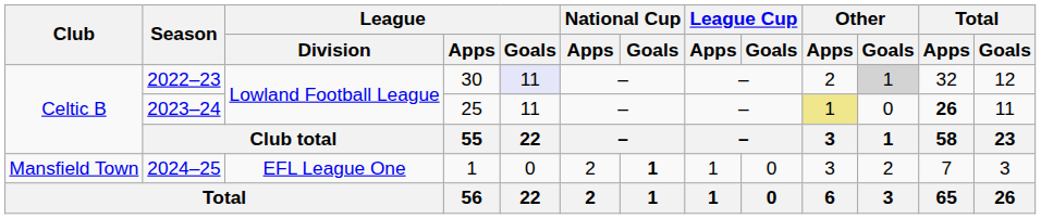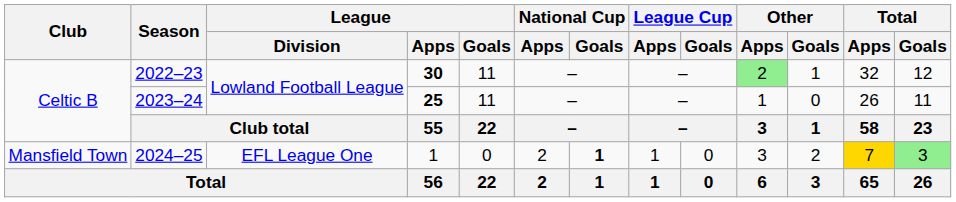 <table class="wikitable" style="text-align:center">
 <tr>
 <th rowspan="2">Club</th>
 <th rowspan="2">Season</th>
 <th colspan="3">League</th>
 <th colspan="2">National Cup</th>
 <th colspan="2"><a href='#'>League Cup</a></th>
 <th colspan="2">Other</th>
 <th colspan="2">Total</th>
 </tr>
 <tr>
 <th>Division</th>
 <th>Apps</th>
 <th>Goals</th>
 <th>Apps</th>
 <th>Goals</th>
 <th>Apps</th>
 <th>Goals</th>
 <th>Apps</th>
 <th>Goals</th>
 <th>Apps</th>
 <th>Goals</th>
 </tr>
 <tr>
 <td rowspan="3"><a href='#'>Celtic B</a></td>
 <td><a href='#'>2022–23</a></td>
 <td rowspan="2"><a href='#'>Lowland Football League</a></td>
-<td>30</td>
-<td style="background: lavender;">11</td>
+<td><strong>30</strong></td>
+<td>11</td>
 <td colspan="2">–</td>
 <td colspan="2">–</td>
-<td>2</td>
-<td style="background: lightgrey;">1</td>
+<td style="background: lightgreen;">2</td>
+<td>1</td>
 <td>32</td>
 <td>12</td>
 </tr>
 <tr>
 <td><a href='#'>2023–24</a></td>
-<td>25</td>
+<td><strong>25</strong></td>
 <td>11</td>
 <td colspan="2">–</td>
 <td colspan="2">–</td>
-<td style="background: khaki;">1</td>
+<td>1</td>
 <td>0</td>
-<td><strong>26</strong></td>
+<td>26</td>
 <td>11</td>
 </tr>
 <tr>
 <th colspan="2">Club total</th>
 <th>55</th>
 <th>22</th>
 <th colspan="2">–</th>
 <th colspan="2">–</th>
 <th>3</th>
 <th>1</th>
 <th>58</th>
 <th>23</th>
 </tr>
 <tr>
 <td><a href='#'>Mansfield Town</a></td>
 <td><a href='#'>2024–25</a></td>
 <td><a href='#'>EFL League One</a></td>
 <td>1</td>
 <td>0</td>
 <td>2</td>
 <td><strong>1</strong></td>
 <td>1</td>
 <td>0</td>
 <td>3</td>
 <td>2</td>
-<td>7</td>
-<td>3</td>
+<td style="background: gold;">7</td>
+<td style="background: lightgreen;">3</td>
 </tr>
 <tr>
 <th colspan="3">Total</th>
 <th>56</th>
 <th>22</th>
 <th>2</th>
 <th>1</th>
 <th>1</th>
 <th>0</th>
 <th>6</th>
 <th>3</th>
 <th>65</th>
 <th>26</th>
 </tr>
 </table>
